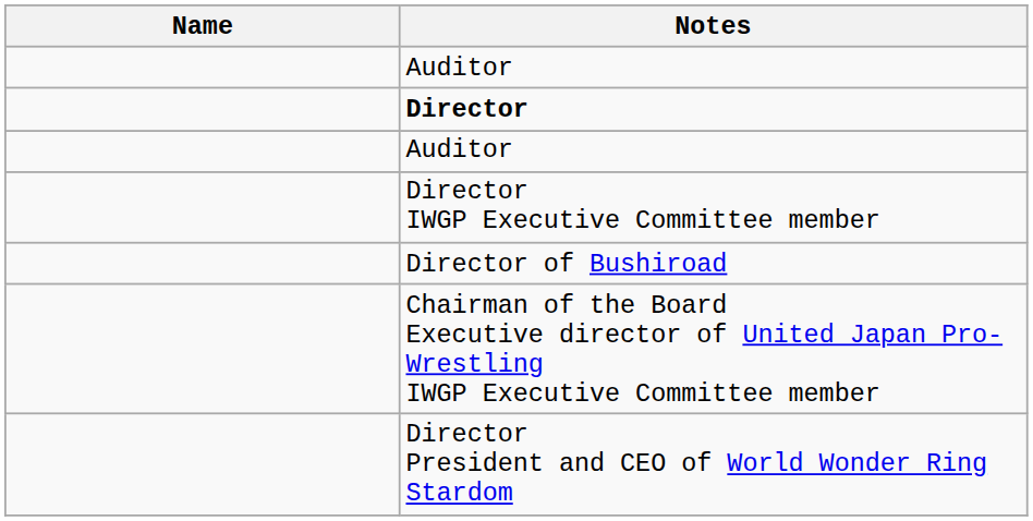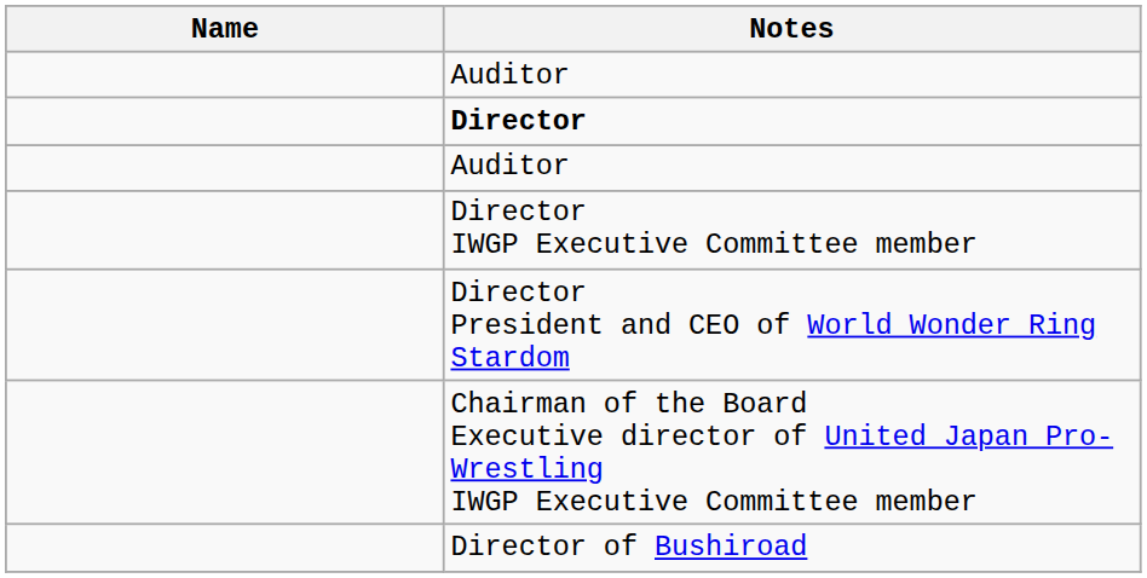 <table class="wikitable sortable" align="left center" width="59%">
 <tr>
 <th width="17%">Name</th>
 <th width="27%">Notes</th>
 </tr>
 <tr>
 <td></td>
 <td>Auditor</td>
 </tr>
 <tr>
 <td></td>
 <td><strong>Director</strong></td>
 </tr>
 <tr>
 <td></td>
 <td>Auditor</td>
 </tr>
 <tr>
 <td></td>
 <td>Director<br>IWGP Executive Committee member</td>
 </tr>
 <tr>
 <td></td>
-<td>Director of <a href='#'>Bushiroad</a></td>
+<td>Director<br>President and CEO of <a href='#'>World Wonder Ring Stardom</a></td>
 </tr>
 <tr>
 <td></td>
 <td>Chairman of the Board<br>Executive director of <a href='#'>United Japan Pro-Wrestling</a><br>IWGP Executive Committee member</td>
 </tr>
 <tr>
 <td></td>
-<td>Director<br>President and CEO of <a href='#'>World Wonder Ring Stardom</a></td>
+<td>Director of <a href='#'>Bushiroad</a></td>
 </tr>
 </table>
